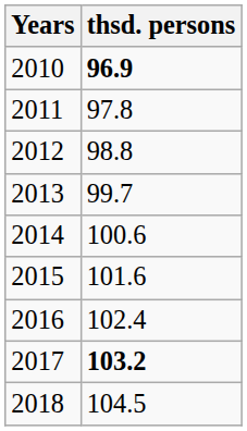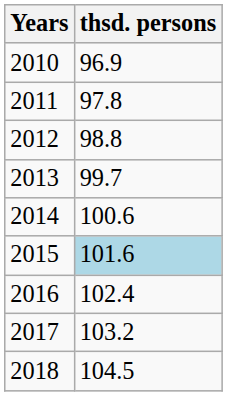 <table class="wikitable">
 <tr>
 <th>Years</th>
 <th>thsd. persons</th>
 </tr>
 <tr>
 <td>2010</td>
-<td><strong>96.9</strong></td>
+<td>96.9</td>
 </tr>
 <tr>
 <td>2011</td>
 <td>97.8</td>
 </tr>
 <tr>
 <td>2012</td>
 <td>98.8</td>
 </tr>
 <tr>
 <td>2013</td>
 <td>99.7</td>
 </tr>
 <tr>
 <td>2014</td>
 <td>100.6</td>
 </tr>
 <tr>
 <td>2015</td>
-<td>101.6</td>
+<td style="background: lightblue;">101.6</td>
 </tr>
 <tr>
 <td>2016</td>
 <td>102.4</td>
 </tr>
 <tr>
 <td>2017</td>
-<td><strong>103.2</strong></td>
+<td>103.2</td>
 </tr>
 <tr>
 <td>2018</td>
 <td>104.5</td>
 </tr>
 </table>
